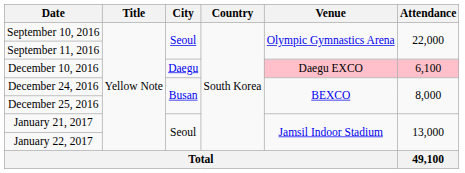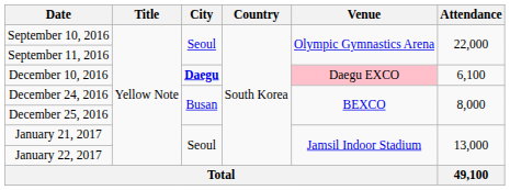 <table class="wikitable" style="text-align:center;">
 <tr>
 <th>Date</th>
 <th>Title</th>
 <th>City</th>
 <th>Country</th>
 <th>Venue</th>
 <th>Attendance</th>
 </tr>
 <tr>
 <td>September 10, 2016</td>
 <td rowspan=7>Yellow Note</td>
 <td rowspan=2><a href='#'>Seoul</a></td>
 <td rowspan=7>South Korea</td>
 <td rowspan=2><a href='#'>Olympic Gymnastics Arena</a></td>
 <td rowspan=2>22,000</td>
 </tr>
 <tr>
 <td>September 11, 2016</td>
 </tr>
 <tr>
 <td>December 10, 2016</td>
-<td><a href='#'>Daegu</a></td>
+<td><strong><a href='#'>Daegu</a></strong></td>
 <td style="background: pink;">Daegu EXCO</td>
-<td style="background: pink;">6,100</td>
+<td>6,100</td>
 </tr>
 <tr>
 <td>December 24, 2016</td>
 <td rowspan=2><a href='#'>Busan</a></td>
 <td rowspan=2><a href='#'>BEXCO</a></td>
 <td rowspan=2>8,000</td>
 </tr>
 <tr>
 <td>December 25, 2016</td>
 </tr>
 <tr>
 <td>January 21, 2017</td>
 <td rowspan=2>Seoul</td>
 <td rowspan=2><a href='#'>Jamsil Indoor Stadium</a></td>
 <td rowspan=2>13,000</td>
 </tr>
 <tr>
 <td>January 22, 2017</td>
 </tr>
 <tr>
 <th colspan=5>Total</th>
 <th>49,100</th>
 </tr>
 </table>
